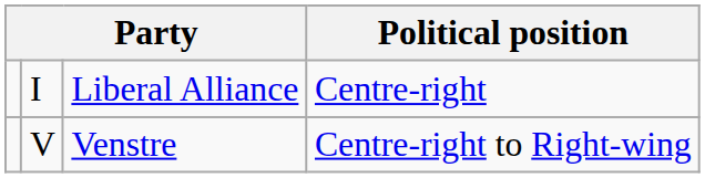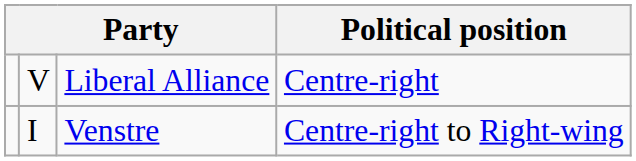 <table class="wikitable">
 <tr>
 <th colspan="3">Party</th>
 <th>Political position</th>
 </tr>
 <tr>
 <td></td>
-<td>I</td>
+<td>V</td>
 <td><a href='#'>Liberal Alliance</a></td>
 <td><a href='#'>Centre-right</a></td>
 </tr>
 <tr>
 <td></td>
-<td>V</td>
+<td>I</td>
 <td><a href='#'>Venstre</a></td>
 <td><a href='#'>Centre-right</a> to <a href='#'>Right-wing</a></td>
 </tr>
 </table>
